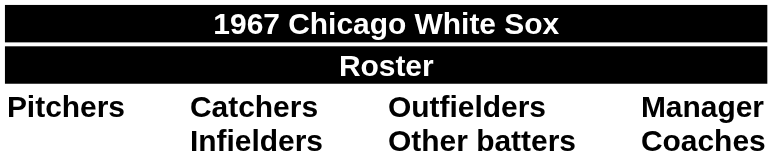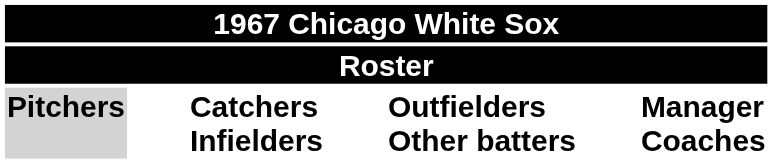 <table class="toccolours" style="font-size: 95%;">
 <tr>
 <th colspan="10" style="background-color: black; color: white; text-align: center;">1967 Chicago White Sox</th>
 </tr>
 <tr>
 <td colspan="10" style="background-color: black; color: white; text-align: center;"><strong>Roster</strong></td>
 </tr>
 <tr>
-<td valign="top"><strong>Pitchers</strong><br>                </td>
+<td valign="top" style="background: lightgrey;"><strong>Pitchers</strong><br>                </td>
 <td width="25px"></td>
 <td valign="top"><strong>Catchers</strong><br>    <strong>Infielders</strong>            </td>
 <td width="25px"></td>
 <td valign="top"><strong>Outfielders</strong><br>          <strong>Other batters</strong>  </td>
 <td width="25px"></td>
 <td valign="top"><strong>Manager</strong><br> <strong>Coaches</strong>    </td>
 </tr>
 </table>
